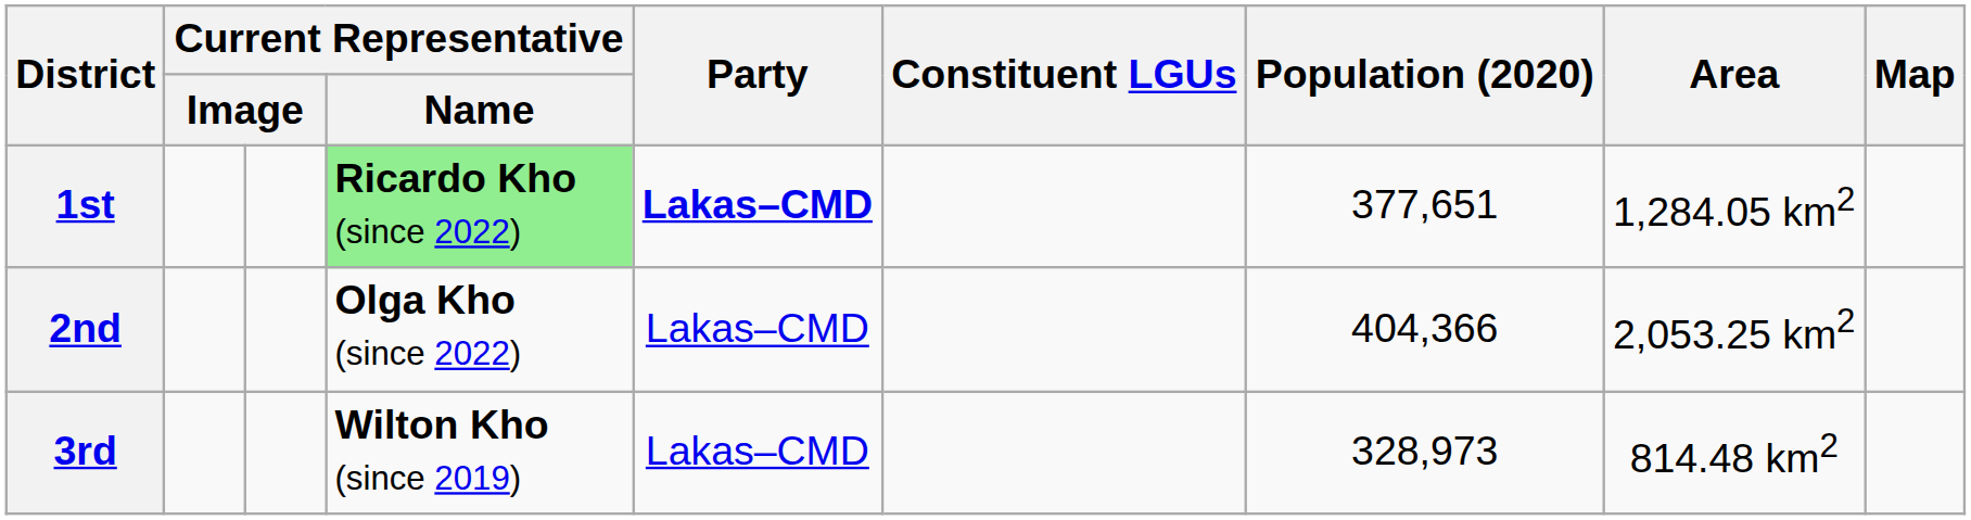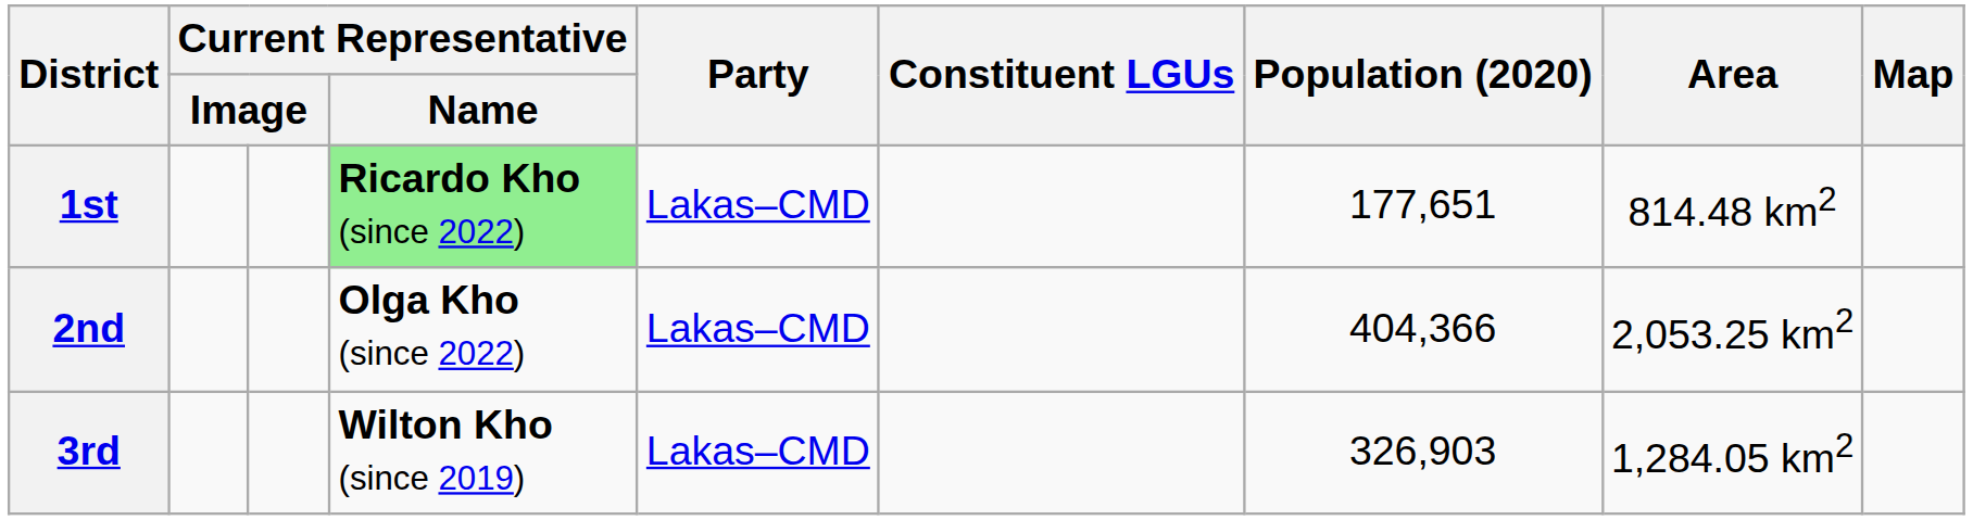 <table class="wikitable sortable" style="margin: 1em auto; font-size:100%; line-height:20px; text-align:center">
 <tr>
 <th rowspan="2">District</th>
 <th colspan="3">Current Representative</th>
 <th rowspan="2">Party</th>
 <th rowspan="2">Constituent <a href='#'>LGUs</a></th>
 <th rowspan="2">Population (2020)</th>
 <th rowspan="2">Area</th>
 <th rowspan="2">Map</th>
 </tr>
 <tr>
 <th colspan="2">Image</th>
 <th>Name</th>
 </tr>
 <tr>
 <th><a href='#'>1st</a></th>
 <td style="background:"></td>
 <td></td>
 <td style="background: lightgreen; text-align:left;"><strong>Ricardo Kho</strong><br><small>(since <a href='#'>2022</a>)</small></td>
-<td><strong><a href='#'>Lakas–CMD</a></strong></td>
+<td><a href='#'>Lakas–CMD</a></td>
 <td></td>
-<td>377,651</td>
-<td>1,284.05 km<sup>2</sup></td>
+<td>177,651</td>
+<td>814.48 km<sup>2</sup></td>
 <td></td>
 </tr>
 <tr>
 <th><a href='#'>2nd</a></th>
 <td style="background:"></td>
 <td></td>
 <td style="text-align:left;"><strong>Olga Kho</strong><br><small>(since <a href='#'>2022</a>)</small></td>
 <td><a href='#'>Lakas–CMD</a></td>
 <td></td>
 <td>404,366</td>
 <td>2,053.25 km<sup>2</sup></td>
 <td></td>
 </tr>
 <tr>
 <th><a href='#'>3rd</a></th>
 <td style="background:"></td>
 <td></td>
 <td style="text-align:left;"><strong>Wilton Kho</strong><br><small>(since <a href='#'>2019</a>)</small></td>
 <td><a href='#'>Lakas–CMD</a></td>
 <td></td>
-<td>328,973</td>
-<td>814.48 km<sup>2</sup></td>
+<td>326,903</td>
+<td>1,284.05 km<sup>2</sup></td>
 <td></td>
 </tr>
 </table>
